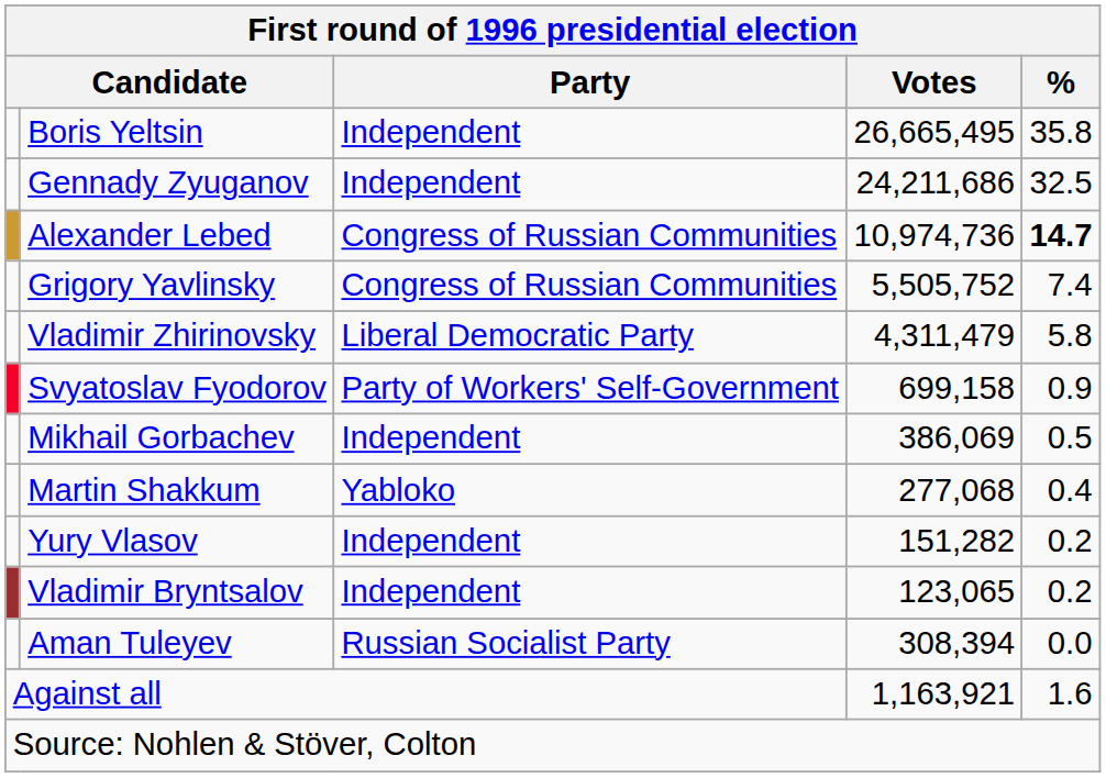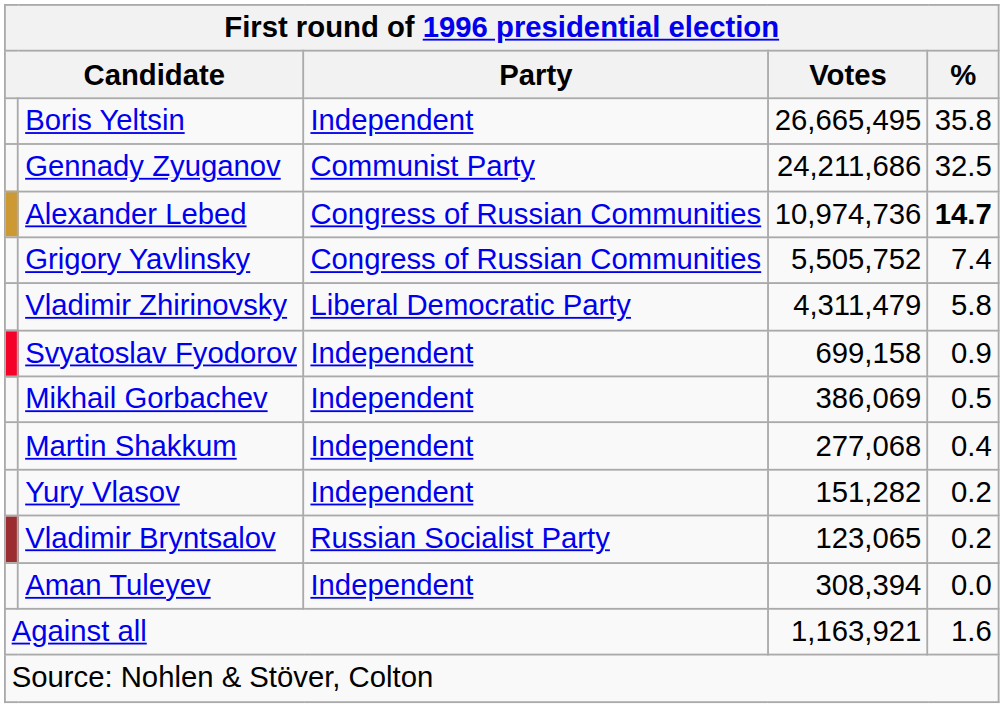 <table class=wikitable style=text-align:right>
 <tr>
 <th colspan=5>First round of <a href='#'>1996 presidential election</a></th>
 </tr>
 <tr>
 <th colspan=2>Candidate</th>
 <th>Party</th>
 <th>Votes</th>
 <th>%</th>
 </tr>
 <tr>
 <td style="background-color: "></td>
 <td align=left><a href='#'>Boris Yeltsin</a></td>
 <td align=left><a href='#'>Independent</a></td>
 <td>26,665,495</td>
 <td>35.8</td>
 </tr>
 <tr>
 <td style="background-color: "></td>
 <td align=left><a href='#'>Gennady Zyuganov</a></td>
-<td align=left><a href='#'>Independent</a></td>
+<td align=left><a href='#'>Communist Party</a></td>
 <td>24,211,686</td>
 <td>32.5</td>
 </tr>
 <tr>
 <td style="background-color: #CC9933"></td>
 <td align=left><a href='#'>Alexander Lebed</a></td>
 <td align=left><a href='#'>Congress of Russian Communities</a></td>
 <td>10,974,736</td>
 <td><strong>14.7</strong></td>
 </tr>
 <tr>
 <td style="background-color: "></td>
 <td align=left><a href='#'>Grigory Yavlinsky</a></td>
 <td align=left><a href='#'>Congress of Russian Communities</a></td>
 <td>5,505,752</td>
 <td>7.4</td>
 </tr>
 <tr>
 <td style="background-color: "></td>
 <td align=left><a href='#'>Vladimir Zhirinovsky</a></td>
 <td align=left><a href='#'>Liberal Democratic Party</a></td>
 <td>4,311,479</td>
 <td>5.8</td>
 </tr>
 <tr>
 <td style="background-color: #f50029"></td>
 <td align=left><a href='#'>Svyatoslav Fyodorov</a></td>
-<td align=left><a href='#'>Party of Workers' Self-Government</a></td>
+<td align=left><a href='#'>Independent</a></td>
 <td>699,158</td>
 <td>0.9</td>
 </tr>
 <tr>
 <td style="background-color: "></td>
 <td align=left><a href='#'>Mikhail Gorbachev</a></td>
 <td align=left><a href='#'>Independent</a></td>
 <td>386,069</td>
 <td>0.5</td>
 </tr>
 <tr>
 <td style="background-color: "></td>
 <td align=left><a href='#'>Martin Shakkum</a></td>
-<td align=left><a href='#'>Yabloko</a></td>
+<td align=left><a href='#'>Independent</a></td>
 <td>277,068</td>
 <td>0.4</td>
 </tr>
 <tr>
 <td style="background-color: "></td>
 <td align=left><a href='#'>Yury Vlasov</a></td>
 <td align=left><a href='#'>Independent</a></td>
 <td>151,282</td>
 <td>0.2</td>
 </tr>
 <tr>
 <td style="background-color: #9b2d30"></td>
 <td align=left><a href='#'>Vladimir Bryntsalov</a></td>
-<td align=left><a href='#'>Independent</a></td>
+<td align=left><a href='#'>Russian Socialist Party</a></td>
 <td>123,065</td>
 <td>0.2</td>
 </tr>
 <tr>
 <td style="background-color: "></td>
 <td align=left><a href='#'>Aman Tuleyev</a></td>
-<td align=left><a href='#'>Russian Socialist Party</a></td>
+<td align=left><a href='#'>Independent</a></td>
 <td>308,394</td>
 <td>0.0</td>
 </tr>
 <tr>
 <td align=left colspan=3><a href='#'>Against all</a></td>
 <td>1,163,921</td>
 <td>1.6</td>
 </tr>
 <tr>
 <td align=left colspan=5>Source: Nohlen & Stöver, Colton</td>
 </tr>
 </table>
